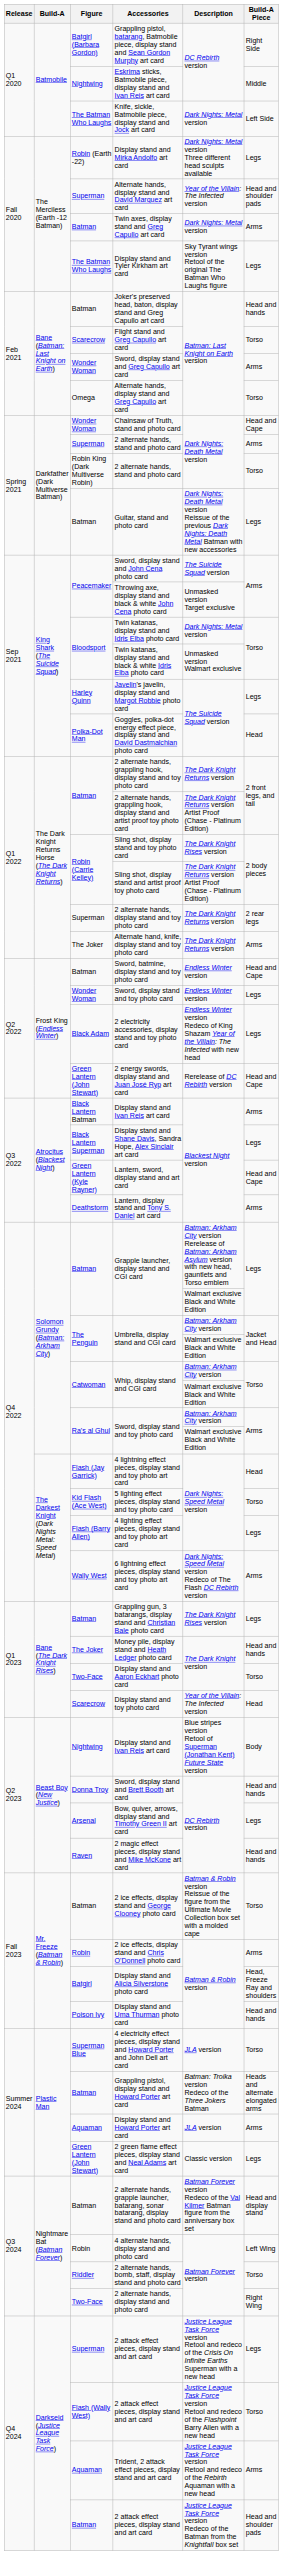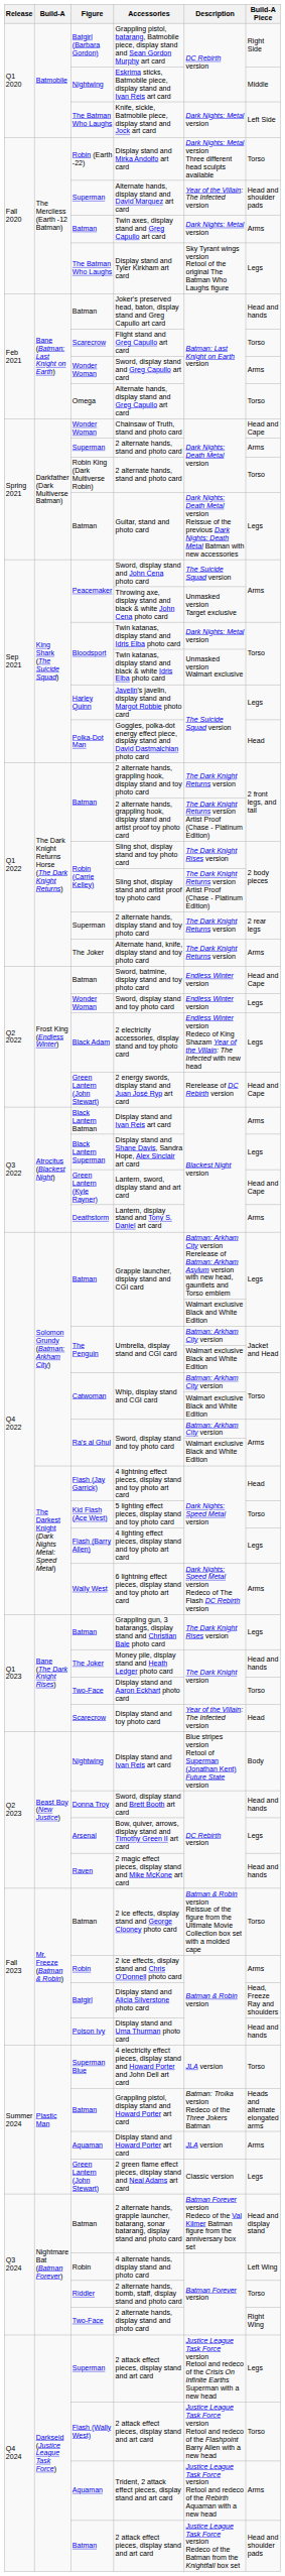 <table class="wikitable" style="width:100%;">
 <tr>
 <th width=5%!scope="col">Release</th>
 <th width=10%!scope="col">Build-A</th>
 <th width=15%!scope="col">Figure</th>
 <th width=35%!scope="col">Accessories</th>
 <th width=30%!scope="col">Description</th>
 <th width=5%!scope="col">Build-A Piece</th>
 </tr>
 <tr>
 <td rowspan=3>Q1 2020</td>
 <td rowspan=3><a href='#'>Batmobile</a></td>
 <td><a href='#'>Batgirl (Barbara Gordon)</a></td>
 <td>Grappling pistol, <a href='#'>batarang</a>, Batmobile piece, display stand and <a href='#'>Sean Gordon Murphy</a> art card</td>
 <td rowspan=2><em><a href='#'>DC Rebirth</a></em> version</td>
 <td>Right Side</td>
 </tr>
 <tr>
 <td><a href='#'>Nightwing</a></td>
 <td><a href='#'>Eskrima</a> sticks, Batmobile piece, display stand and <a href='#'>Ivan Reis</a> art card</td>
 <td>Middle</td>
 </tr>
 <tr>
 <td><a href='#'>The Batman Who Laughs</a></td>
 <td>Knife, sickle, Batmobile piece, display stand and <a href='#'>Jock</a> art card</td>
 <td><em><a href='#'>Dark Nights: Metal</a></em> version</td>
 <td>Left Side</td>
 </tr>
 <tr>
 <td rowspan=4>Fall 2020</td>
 <td rowspan=4>The Merciless<br>(Earth -12 Batman)</td>
 <td><a href='#'>Robin</a> (Earth -22)</td>
 <td>Display stand and <a href='#'>Mirka Andolfo</a> art card</td>
 <td><em><a href='#'>Dark Nights: Metal</a></em> version<br>Three different head sculpts available</td>
-<td>Legs</td>
+<td>Torso</td>
 </tr>
 <tr>
 <td><a href='#'>Superman</a></td>
 <td>Alternate hands, display stand and <a href='#'>David Marquez</a> art card</td>
 <td><em><a href='#'>Year of the Villain</a>: The Infected</em> version</td>
 <td>Head and shoulder pads</td>
 </tr>
 <tr>
 <td><a href='#'>Batman</a></td>
 <td>Twin axes, display stand and <a href='#'>Greg Capullo</a> art card</td>
 <td><em><a href='#'>Dark Nights: Metal</a></em> version</td>
 <td>Arms</td>
 </tr>
 <tr>
 <td><a href='#'>The Batman Who Laughs</a></td>
 <td>Display stand and Tyler Kirkham art card</td>
 <td>Sky Tyrant wings version<br>Retool of the original The Batman Who Laughs figure</td>
 <td>Legs</td>
 </tr>
 <tr>
 <td rowspan=4>Feb 2021</td>
 <td rowspan=4><a href='#'>Bane</a><br>(<em><a href='#'>Batman: Last Knight on Earth</a></em>)</td>
 <td>Batman</td>
 <td>Joker's preserved head, baton, display stand and Greg Capullo art card</td>
 <td rowspan=4><em><a href='#'>Batman: Last Knight on Earth</a></em> version</td>
 <td>Head and hands</td>
 </tr>
 <tr>
 <td><a href='#'>Scarecrow</a></td>
 <td>Flight stand and <a href='#'>Greg Capullo</a> art card</td>
 <td>Torso</td>
 </tr>
 <tr>
 <td><a href='#'>Wonder Woman</a></td>
 <td>Sword, display stand and <a href='#'>Greg Capullo</a> art card</td>
 <td>Arms</td>
 </tr>
 <tr>
 <td>Omega</td>
 <td>Alternate hands, display stand and <a href='#'>Greg Capullo</a> art card</td>
 <td>Torso</td>
 </tr>
 <tr>
 <td rowspan=4>Spring 2021</td>
 <td rowspan=4>Darkfather<br>(Dark Multiverse Batman)</td>
 <td><a href='#'>Wonder Woman</a></td>
 <td>Chainsaw of Truth, stand and photo card</td>
 <td rowspan=3><em><a href='#'>Dark Nights: Death Metal</a></em> version</td>
 <td>Head and Cape</td>
 </tr>
 <tr>
 <td><a href='#'>Superman</a></td>
 <td>2 alternate hands, stand and photo card</td>
 <td>Arms</td>
 </tr>
 <tr>
 <td>Robin King (Dark Multiverse Robin)</td>
 <td>2 alternate hands, stand and photo card</td>
 <td>Torso</td>
 </tr>
 <tr>
 <td>Batman</td>
 <td>Guitar, stand and photo card</td>
 <td><em><a href='#'>Dark Nights: Death Metal</a></em> version<br>Reissue of the previous <em><a href='#'>Dark Nights: Death Metal</a></em> Batman with new accessories</td>
 <td>Legs</td>
 </tr>
 <tr>
 <td rowspan=6>Sep 2021</td>
 <td rowspan=6><a href='#'>King Shark</a><br>(<em><a href='#'>The Suicide Squad</a></em>)</td>
 <td rowspan=2><a href='#'>Peacemaker</a></td>
 <td>Sword, display stand and <a href='#'>John Cena</a> photo card</td>
 <td><em><a href='#'>The Suicide Squad</a></em> version</td>
 <td rowspan=2>Arms</td>
 </tr>
 <tr>
 <td>Throwing axe, display stand and black & white <a href='#'>John Cena</a> photo card</td>
 <td>Unmasked version<br>Target exclusive</td>
 </tr>
 <tr>
 <td rowspan=2><a href='#'>Bloodsport</a></td>
 <td>Twin katanas, display stand and <a href='#'>Idris Elba</a> photo card</td>
 <td><em><a href='#'>Dark Nights: Metal</a></em> version</td>
 <td rowspan=2>Torso</td>
 </tr>
 <tr>
 <td>Twin katanas, display stand and black & white <a href='#'>Idris Elba</a> photo card</td>
 <td>Unmasked version<br>Walmart exclusive</td>
 </tr>
 <tr>
 <td><a href='#'>Harley Quinn</a></td>
 <td><a href='#'>Javelin</a>'s javelin, display stand and <a href='#'>Margot Robbie</a> photo card</td>
 <td rowspan=2><em><a href='#'>The Suicide Squad</a></em> version</td>
 <td>Legs</td>
 </tr>
 <tr>
 <td><a href='#'>Polka-Dot Man</a></td>
 <td>Goggles, polka-dot energy effect piece, display stand and <a href='#'>David Dastmalchian</a> photo card</td>
 <td>Head</td>
 </tr>
 <tr>
 <td rowspan=6>Q1 2022</td>
 <td rowspan=6>The Dark Knight Returns Horse<br>(<em><a href='#'>The Dark Knight Returns</a></em>)</td>
 <td rowspan=2><a href='#'>Batman</a></td>
 <td>2 alternate hands, grappling hook, display stand and toy photo card</td>
 <td><em><a href='#'>The Dark Knight Returns</a></em> version</td>
 <td rowspan=2>2 front legs, and tail</td>
 </tr>
 <tr>
 <td>2 alternate hands, grappling hook, display stand and artist proof toy photo card</td>
 <td><em><a href='#'>The Dark Knight Returns</a></em> version<br>Artist Proof (Chase - Platinum Edition)</td>
 </tr>
 <tr>
 <td rowspan=2><a href='#'>Robin (Carrie Kelley)</a></td>
 <td>Sling shot, display stand and toy photo card</td>
 <td><em><a href='#'>The Dark Knight Rises</a></em> version</td>
 <td rowspan=2>2 body pieces</td>
 </tr>
 <tr>
 <td>Sling shot, display stand and artist proof toy photo card</td>
 <td><em><a href='#'>The Dark Knight Returns</a></em> version<br>Artist Proof (Chase - Platinum Edition)</td>
 </tr>
 <tr>
 <td>Superman</td>
 <td>2 alternate hands, display stand and toy photo card</td>
 <td><em><a href='#'>The Dark Knight Returns</a></em> version</td>
 <td>2 rear legs</td>
 </tr>
 <tr>
 <td>The Joker</td>
 <td>Alternate hand, knife, display stand and toy photo card</td>
 <td><em><a href='#'>The Dark Knight Returns</a></em> version</td>
 <td>Arms</td>
 </tr>
 <tr>
 <td rowspan=4>Q2 2022</td>
 <td rowspan=4>Frost King<br>(<em><a href='#'>Endless Winter</a></em>)</td>
 <td>Batman</td>
 <td>Sword, batmine, display stand and toy photo card</td>
 <td><em><a href='#'>Endless Winter</a></em> version</td>
 <td>Head and Cape</td>
 </tr>
 <tr>
 <td><a href='#'>Wonder Woman</a></td>
 <td>Sword, display stand and toy photo card</td>
 <td><em><a href='#'>Endless Winter</a></em> version</td>
 <td>Legs</td>
 </tr>
 <tr>
 <td><a href='#'>Black Adam</a></td>
 <td>2 electricity accessories, display stand and toy photo card</td>
 <td><em><a href='#'>Endless Winter</a></em> version<br>Redeco of King Shazam <em><a href='#'>Year of the Villain</a>: The Infected</em> with new head</td>
 <td>Legs</td>
 </tr>
 <tr>
 <td><a href='#'>Green Lantern (John Stewart)</a></td>
 <td>2 energy swords, display stand and <a href='#'>Juan José Ryp</a> art card</td>
 <td>Rerelease of <em><a href='#'>DC Rebirth</a></em> version</td>
 <td>Head and Cape</td>
 </tr>
 <tr>
 <td rowspan=4>Q3 2022</td>
 <td rowspan=4><a href='#'>Atrocitus</a><br>(<em><a href='#'>Blackest Night</a></em>)</td>
 <td><a href='#'>Black Lantern</a> Batman</td>
 <td>Display stand and <a href='#'>Ivan Reis</a> art card</td>
 <td rowspan=4><em><a href='#'>Blackest Night</a></em> version</td>
 <td>Arms</td>
 </tr>
 <tr>
 <td><a href='#'>Black Lantern</a> <a href='#'>Superman</a></td>
 <td>Display stand and <a href='#'>Shane Davis</a>, Sandra Hope, <a href='#'>Alex Sinclair</a> art card</td>
 <td>Legs</td>
 </tr>
 <tr>
 <td><a href='#'>Green Lantern (Kyle Rayner)</a></td>
 <td>Lantern, sword, display stand and art card</td>
 <td>Head and Cape</td>
 </tr>
 <tr>
 <td><a href='#'>Deathstorm</a></td>
 <td>Lantern, display stand and <a href='#'>Tony S. Daniel</a> art card</td>
 <td>Arms</td>
 </tr>
 <tr>
 <td rowspan=12>Q4 2022</td>
 <td rowspan=8><a href='#'>Solomon Grundy</a><br>(<em><a href='#'>Batman: Arkham City</a></em>)</td>
 <td rowspan=2><a href='#'>Batman</a></td>
 <td rowspan=2>Grapple launcher, display stand and CGI card</td>
 <td><em><a href='#'>Batman: Arkham City</a></em> version<br>Rerelease of <em><a href='#'>Batman: Arkham Asylum</a></em> version with new head, gauntlets and Torso emblem</td>
 <td rowspan=2>Legs</td>
 </tr>
 <tr>
 <td>Walmart exclusive Black and White Edition</td>
 </tr>
 <tr>
 <td rowspan=2><a href='#'>The Penguin</a></td>
 <td rowspan=2>Umbrella, display stand and CGI card</td>
 <td><em><a href='#'>Batman: Arkham City</a></em> version</td>
 <td rowspan=2>Jacket and Head</td>
 </tr>
 <tr>
 <td>Walmart exclusive Black and White Edition</td>
 </tr>
 <tr>
 <td rowspan=2><a href='#'>Catwoman</a></td>
 <td rowspan=2>Whip, display stand and CGI card</td>
 <td><em><a href='#'>Batman: Arkham City</a></em> version</td>
 <td rowspan=2>Torso</td>
 </tr>
 <tr>
 <td>Walmart exclusive Black and White Edition</td>
 </tr>
 <tr>
 <td rowspan=2><a href='#'>Ra's al Ghul</a></td>
 <td rowspan=2>Sword, display stand and toy photo card</td>
 <td><em><a href='#'>Batman: Arkham City</a></em> version</td>
 <td rowspan=2>Arms</td>
 </tr>
 <tr>
 <td>Walmart exclusive Black and White Edition</td>
 </tr>
 <tr>
 <td rowspan=4><a href='#'>The Darkest Knight</a><br>(<em>Dark Nights Metal: Speed Metal</em>)</td>
 <td><a href='#'>Flash (Jay Garrick)</a></td>
 <td>4 lightning effect pieces, display stand and toy photo art card</td>
 <td rowspan=3><em><a href='#'>Dark Nights: Speed Metal</a></em> version</td>
 <td>Head</td>
 </tr>
 <tr>
 <td><a href='#'>Kid Flash (Ace West)</a></td>
 <td>5 lighting effect pieces, display stand and toy photo card</td>
 <td>Torso</td>
 </tr>
 <tr>
 <td><a href='#'>Flash (Barry Allen)</a></td>
 <td>4 lighting effect pieces, display stand and toy photo art card</td>
 <td>Legs</td>
 </tr>
 <tr>
 <td><a href='#'>Wally West</a></td>
 <td>6 lightning effect pieces, display stand and toy photo art card</td>
 <td><em><a href='#'>Dark Nights: Speed Metal</a></em> version<br>Redeco of The Flash <em><a href='#'>DC Rebirth</a></em> version</td>
 <td>Arms</td>
 </tr>
 <tr>
 <td rowspan=4>Q1 2023</td>
 <td rowspan=4><a href='#'>Bane</a><br>(<em><a href='#'>The Dark Knight Rises</a></em>)</td>
 <td><a href='#'>Batman</a></td>
 <td>Grappling gun, 3 batarangs, display stand and <a href='#'>Christian Bale</a> photo card</td>
 <td><em><a href='#'>The Dark Knight Rises</a></em> version</td>
 <td>Legs</td>
 </tr>
 <tr>
 <td><a href='#'>The Joker</a></td>
 <td>Money pile, display stand and <a href='#'>Heath Ledger</a> photo card</td>
 <td rowspan=2><em><a href='#'>The Dark Knight</a></em> version</td>
 <td>Head and hands</td>
 </tr>
 <tr>
 <td><a href='#'>Two-Face</a></td>
 <td>Display stand and <a href='#'>Aaron Eckhart</a> photo card</td>
 <td>Torso</td>
 </tr>
 <tr>
 <td><a href='#'>Scarecrow</a></td>
 <td>Display stand and toy photo card</td>
 <td><em><a href='#'>Year of the Villain</a>: The Infected</em> version</td>
 <td>Head</td>
 </tr>
 <tr>
 <td rowspan=4>Q2 2023</td>
 <td rowspan=4><a href='#'>Beast Boy</a> (<em><a href='#'>New Justice</a></em>)</td>
 <td><a href='#'>Nightwing</a></td>
 <td>Display stand and <a href='#'>Ivan Reis</a> art card</td>
 <td>Blue stripes version<br>Retool of <a href='#'>Superman (Jonathan Kent)</a> <em><a href='#'>Future State</a></em> version</td>
 <td>Body</td>
 </tr>
 <tr>
 <td><a href='#'>Donna Troy</a></td>
 <td>Sword, display stand and <a href='#'>Brett Booth</a> art card</td>
 <td rowspan=3><em><a href='#'>DC Rebirth</a></em> version</td>
 <td>Head and hands</td>
 </tr>
 <tr>
 <td><a href='#'>Arsenal</a></td>
 <td>Bow, quiver, arrows, display stand and <a href='#'>Timothy Green II</a> art card</td>
 <td>Legs</td>
 </tr>
 <tr>
 <td><a href='#'>Raven</a></td>
 <td>2 magic effect pieces, display stand and <a href='#'>Mike McKone</a> art card</td>
 <td>Head and hands</td>
 </tr>
 <tr>
 <td rowspan=4>Fall 2023</td>
 <td rowspan=4><a href='#'>Mr. Freeze</a> (<em><a href='#'>Batman & Robin</a></em>)</td>
 <td>Batman</td>
 <td>2 ice effects, display stand and <a href='#'>George Clooney</a> photo card</td>
 <td><em><a href='#'>Batman & Robin</a></em> version<br>Reissue of the figure from the Ultimate Movie Collection box set with a molded cape</td>
 <td>Torso</td>
 </tr>
 <tr>
 <td><a href='#'>Robin</a></td>
 <td>2 ice effects, display stand and <a href='#'>Chris O'Donnell</a> photo card</td>
 <td rowspan=3><em><a href='#'>Batman & Robin</a></em> version</td>
 <td>Arms</td>
 </tr>
 <tr>
 <td><a href='#'>Batgirl</a></td>
 <td>Display stand and <a href='#'>Alicia Silverstone</a> photo card</td>
 <td>Head, Freeze Ray and shoulders</td>
 </tr>
 <tr>
 <td><a href='#'>Poison Ivy</a></td>
 <td>Display stand and <a href='#'>Uma Thurman</a> photo card</td>
 <td>Head and hands</td>
 </tr>
 <tr>
 <td rowspan=4>Summer 2024</td>
 <td rowspan=4><a href='#'>Plastic Man</a></td>
 <td><a href='#'>Superman Blue</a></td>
 <td>4 electricity effect pieces, display stand and <a href='#'>Howard Porter</a> and John Dell art card</td>
 <td><em><a href='#'>JLA</a></em> version</td>
 <td>Torso</td>
 </tr>
 <tr>
 <td><a href='#'>Batman</a></td>
 <td>Grappling pistol, display stand and <a href='#'>Howard Porter</a> art card</td>
 <td><em>Batman: Troika</em> version<br>Redeco of the <em>Three Jokers</em> Batman</td>
 <td>Heads and alternate elongated arms</td>
 </tr>
 <tr>
 <td><a href='#'>Aquaman</a></td>
 <td>Display stand and <a href='#'>Howard Porter</a> art card</td>
 <td><em><a href='#'>JLA</a></em> version</td>
 <td>Arms</td>
 </tr>
 <tr>
 <td><a href='#'>Green Lantern (John Stewart)</a></td>
 <td>2 green flame effect pieces, display stand and <a href='#'>Neal Adams</a> art card</td>
 <td>Classic version</td>
 <td>Legs</td>
 </tr>
 <tr>
 <td rowspan=4>Q3 2024</td>
 <td rowspan=4>Nightmare Bat (<em><a href='#'>Batman Forever</a></em>)</td>
 <td>Batman</td>
 <td>2 alternate hands, grapple launcher, batarang, sonar batarang, display stand and photo card</td>
 <td><em><a href='#'>Batman Forever</a></em> version<br>Redeco of the <a href='#'>Val Kilmer</a> Batman figure from the anniversary box set</td>
 <td>Head and display stand</td>
 </tr>
 <tr>
 <td>Robin</td>
 <td>4 alternate hands, display stand and photo card</td>
 <td rowspan=3><em><a href='#'>Batman Forever</a></em> version</td>
 <td>Left Wing</td>
 </tr>
 <tr>
 <td><a href='#'>Riddler</a></td>
 <td>2 alternate hands, bomb, staff, display stand and photo card</td>
 <td>Torso</td>
 </tr>
 <tr>
 <td><a href='#'>Two-Face</a></td>
 <td>2 alternate hands, display stand and photo card</td>
 <td>Right Wing</td>
 </tr>
 <tr>
 <td rowspan=4>Q4 2024</td>
 <td rowspan=4><a href='#'>Darkseid</a> (<em><a href='#'>Justice League Task Force</a></em>)</td>
 <td><a href='#'>Superman</a></td>
 <td>2 attack effect pieces, display stand and art card</td>
 <td><em><a href='#'>Justice League Task Force</a></em> version<br>Retool and redeco of the <em>Crisis On Infinite Earths</em> Superman with a new head</td>
 <td>Legs</td>
 </tr>
 <tr>
 <td><a href='#'>Flash (Wally West)</a></td>
 <td>2 attack effect pieces, display stand and art card</td>
 <td><em><a href='#'>Justice League Task Force</a></em> version<br>Retool and redeco of the <em>Flashpoint</em> Barry Allen with a new head</td>
 <td>Torso</td>
 </tr>
 <tr>
 <td><a href='#'>Aquaman</a></td>
 <td>Trident, 2 attack effect pieces, display stand and art card</td>
 <td><em><a href='#'>Justice League Task Force</a></em> version<br>Retool and redeco of the <em>Rebirth</em> Aquaman with a new head</td>
 <td>Arms</td>
 </tr>
 <tr>
 <td><a href='#'>Batman</a></td>
 <td>2 attack effect pieces, display stand and art card</td>
 <td><em><a href='#'>Justice League Task Force</a></em> version<br>Redeco of the Batman from the <em>Knightfall</em> box set</td>
 <td>Head and shoulder pads</td>
 </tr>
 </table>
